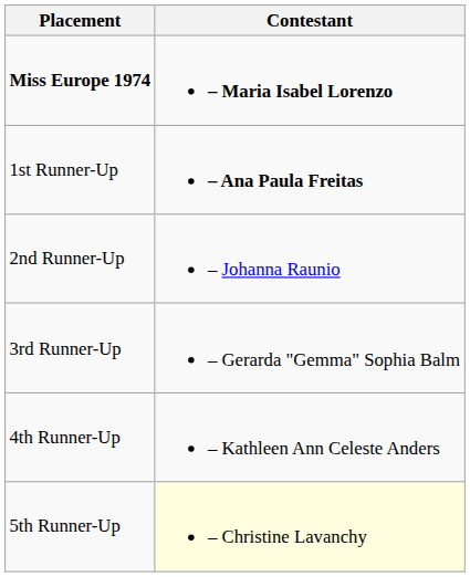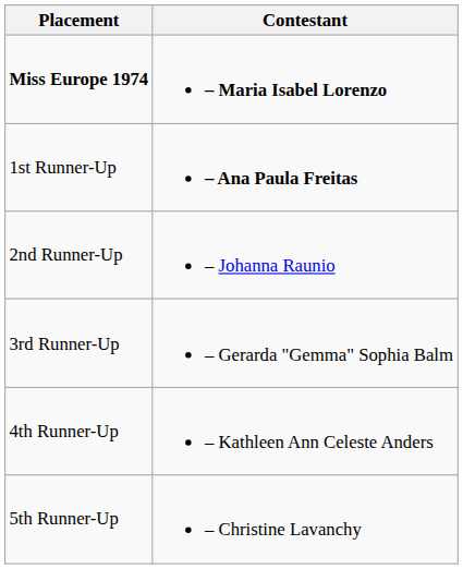 <table class="wikitable sortable" style="font-size: 95%;">
 <tr>
 <th>Placement</th>
 <th>Contestant</th>
 </tr>
 <tr>
 <td><strong>Miss Europe 1974</strong></td>
 <td><br><ul><li><strong> – Maria Isabel Lorenzo</strong></li></ul></td>
 </tr>
 <tr>
 <td>1st Runner-Up</td>
 <td><strong><br><ul><li> – Ana Paula Freitas</li></ul></strong></td>
 </tr>
 <tr>
 <td>2nd Runner-Up</td>
 <td><br><ul><li> – <a href='#'>Johanna Raunio</a></li></ul></td>
 </tr>
 <tr>
 <td>3rd Runner-Up</td>
 <td><br><ul><li> – Gerarda "Gemma" Sophia Balm</li></ul></td>
 </tr>
 <tr>
 <td>4th Runner-Up</td>
 <td><br><ul><li> – Kathleen Ann Celeste Anders</li></ul></td>
 </tr>
 <tr>
 <td>5th Runner-Up</td>
-<td style="background: lightyellow;"><br><ul><li> – Christine Lavanchy</li></ul></td>
+<td><br><ul><li> – Christine Lavanchy</li></ul></td>
 </tr>
 </table>
